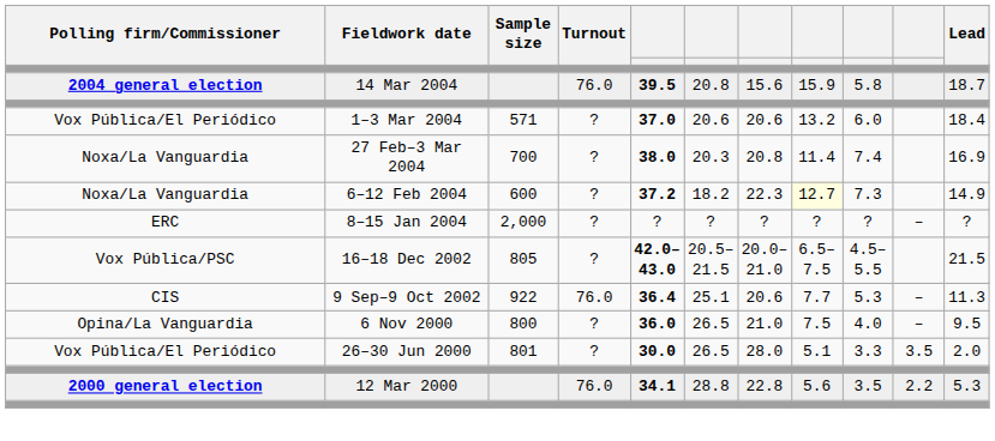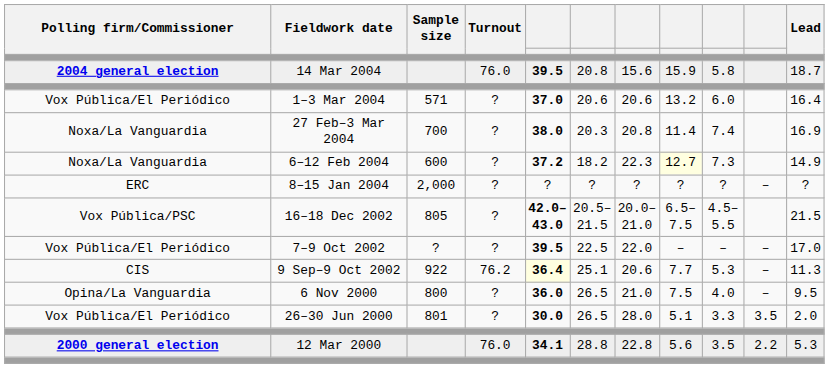 <table class="wikitable collapsible collapsed" style="text-align:center; font-size:95%; line-height:16px;">
 <tr style="height:42px;">
 <th style="width:250px;" rowspan="2">Polling firm/Commissioner</th>
 <th style="width:125px;" rowspan="2">Fieldwork date</th>
 <th style="width:50px;" rowspan="2">Sample size</th>
 <th style="width:45px;" rowspan="2">Turnout</th>
 <th style="width:35px;"></th>
 <th style="width:35px;"></th>
 <th style="width:35px;"></th>
 <th style="width:35px;"></th>
 <th style="width:35px;"></th>
 <th style="width:35px;"></th>
 <th style="width:30px;" rowspan="2">Lead</th>
 </tr>
 <tr>
 <th style="color:inherit;background:"></th>
 <th style="color:inherit;background:"></th>
 <th style="color:inherit;background:"></th>
 <th style="color:inherit;background:"></th>
 <th style="color:inherit;background:"></th>
 <th style="color:inherit;background:"></th>
 </tr>
 <tr>
 <td colspan="11" style="background:#A0A0A0"></td>
 </tr>
 <tr style="background:#EFEFEF;">
 <td><strong><a href='#'> 2004 general election</a></strong></td>
 <td>14 Mar 2004</td>
 <td></td>
 <td>76.0</td>
 <td><strong>39.5</strong><br></td>
 <td>20.8<br></td>
 <td>15.6<br></td>
 <td>15.9<br></td>
 <td>5.8<br></td>
 <td></td>
 <td style="background:">18.7</td>
 </tr>
 <tr>
 <td colspan="11" style="background:#A0A0A0"></td>
 </tr>
 <tr>
 <td>Vox Pública/El Periódico</td>
 <td>1–3 Mar 2004</td>
 <td>571</td>
 <td>?</td>
 <td><strong>37.0</strong><br></td>
 <td>20.6<br></td>
 <td>20.6<br></td>
 <td>13.2<br></td>
 <td>6.0<br></td>
 <td></td>
-<td style="background:">18.4</td>
+<td style="background:">16.4</td>
 </tr>
 <tr>
 <td>Noxa/La Vanguardia</td>
 <td>27 Feb–3 Mar 2004</td>
 <td>700</td>
 <td>?</td>
 <td><strong>38.0</strong><br></td>
 <td>20.3<br></td>
 <td>20.8<br></td>
 <td>11.4<br></td>
 <td>7.4<br></td>
 <td></td>
 <td style="background:">16.9</td>
 </tr>
 <tr>
 <td>Noxa/La Vanguardia</td>
 <td>6–12 Feb 2004</td>
 <td>600</td>
 <td>?</td>
 <td><strong>37.2</strong><br></td>
 <td>18.2<br></td>
 <td>22.3<br></td>
 <td style="background: lightyellow;">12.7<br></td>
 <td>7.3<br></td>
 <td></td>
 <td style="background:">14.9</td>
 </tr>
 <tr>
 <td>ERC</td>
 <td>8–15 Jan 2004</td>
 <td>2,000</td>
 <td>?</td>
 <td>?<br></td>
 <td>?<br></td>
 <td>?<br></td>
 <td>?<br></td>
 <td>?<br></td>
 <td>–</td>
 <td style="background:">?</td>
 </tr>
 <tr>
 <td>Vox Pública/PSC</td>
 <td>16–18 Dec 2002</td>
 <td>805</td>
 <td>?</td>
 <td><strong>42.0–<br>43.0</strong></td>
 <td>20.5–<br>21.5</td>
 <td>20.0–<br>21.0</td>
 <td>6.5–<br>7.5</td>
 <td>4.5–<br>5.5</td>
 <td></td>
 <td style="background:">21.5</td>
 </tr>
 <tr>
+<td>Vox Pública/El Periódico</td>
+<td>7–9 Oct 2002</td>
+<td>?</td>
+<td>?</td>
+<td><strong>39.5</strong></td>
+<td>22.5</td>
+<td>22.0</td>
+<td>–</td>
+<td>–</td>
+<td>–</td>
+<td style="background:">17.0</td>
+</tr>
+<tr>
 <td>CIS</td>
 <td>9 Sep–9 Oct 2002</td>
 <td>922</td>
-<td>76.0</td>
-<td><strong>36.4</strong></td>
+<td>76.2</td>
+<td style="background: lightyellow;"><strong>36.4</strong></td>
 <td>25.1</td>
 <td>20.6</td>
 <td>7.7</td>
 <td>5.3</td>
 <td>–</td>
 <td style="background:">11.3</td>
 </tr>
 <tr>
 <td>Opina/La Vanguardia</td>
 <td>6 Nov 2000</td>
 <td>800</td>
 <td>?</td>
 <td><strong>36.0</strong></td>
 <td>26.5</td>
 <td>21.0</td>
 <td>7.5</td>
 <td>4.0</td>
 <td>–</td>
 <td style="background:">9.5</td>
 </tr>
 <tr>
 <td>Vox Pública/El Periódico</td>
 <td>26–30 Jun 2000</td>
 <td>801</td>
 <td>?</td>
 <td><strong>30.0</strong></td>
 <td>26.5</td>
 <td>28.0</td>
 <td>5.1</td>
 <td>3.3</td>
 <td>3.5</td>
 <td style="background:">2.0</td>
 </tr>
 <tr>
 <td colspan="11" style="background:#A0A0A0"></td>
 </tr>
 <tr style="background:#EFEFEF;">
 <td><strong><a href='#'> 2000 general election</a></strong></td>
 <td>12 Mar 2000</td>
 <td></td>
 <td>76.0</td>
 <td><strong>34.1</strong><br></td>
 <td>28.8<br></td>
 <td>22.8<br></td>
 <td>5.6<br></td>
 <td>3.5<br></td>
 <td>2.2<br></td>
 <td style="background:">5.3</td>
 </tr>
 <tr>
 <td colspan="11" style="background:#A0A0A0"></td>
 </tr>
 </table>
